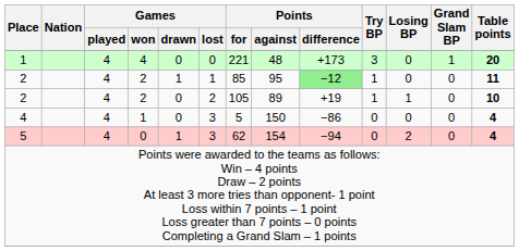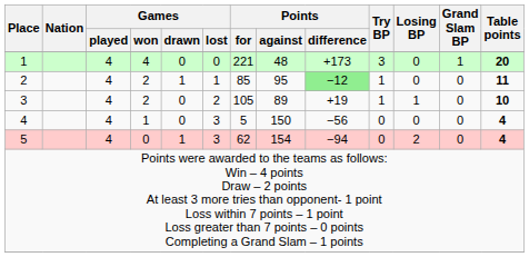 <table class="wikitable">
 <tr>
 <th rowspan=2 width="6%">Place</th>
 <th rowspan=2 width="23%">Nation</th>
 <th colspan=4 width="40%">Games</th>
 <th colspan=3 width="24%">Points</th>
 <th rowspan=2 width="8%">Try<br>BP</th>
 <th rowspan=2 width="8%">Losing<br>BP</th>
 <th rowspan=2 width="8%">Grand Slam<br>BP</th>
 <th rowspan=2 width="10%">Table<br>points</th>
 </tr>
 <tr>
 <th width="8%">played</th>
 <th width="8%">won</th>
 <th width="8%">drawn</th>
 <th width="8%">lost</th>
 <th width="8%">for</th>
 <th width="8%">against</th>
 <th width="8%">difference</th>
 </tr>
 <tr>
 </tr>
 <tr align="center" bgcolor="#ccffcc">
 <td>1</td>
 <td align=left></td>
 <td>4</td>
 <td>4</td>
 <td>0</td>
 <td>0</td>
 <td>221</td>
 <td>48</td>
 <td>+173</td>
 <td>3</td>
 <td>0</td>
 <td>1</td>
 <td><strong>20</strong></td>
 </tr>
 <tr align=center>
 <td>2</td>
 <td align=left></td>
 <td>4</td>
 <td>2</td>
 <td>1</td>
 <td>1</td>
 <td>85</td>
 <td>95</td>
 <td style="background: lightgreen;">−12</td>
 <td>1</td>
 <td>0</td>
 <td>0</td>
 <td><strong>11</strong></td>
 </tr>
 <tr align=center>
-<td>2</td>
+<td>3</td>
 <td align=left></td>
 <td>4</td>
 <td>2</td>
 <td>0</td>
 <td>2</td>
 <td>105</td>
 <td>89</td>
 <td>+19</td>
 <td>1</td>
 <td>1</td>
 <td>0</td>
 <td><strong>10</strong></td>
 </tr>
 <tr align=center>
 <td>4</td>
 <td align=left></td>
 <td>4</td>
 <td>1</td>
 <td>0</td>
 <td>3</td>
 <td>5</td>
 <td>150</td>
-<td>−86</td>
+<td>−56</td>
 <td>0</td>
 <td>0</td>
 <td>0</td>
 <td><strong>4</strong></td>
 </tr>
 <tr align=center bgcolor="#ffcccc">
 <td>5</td>
 <td align=left></td>
 <td>4</td>
 <td>0</td>
 <td>1</td>
 <td>3</td>
 <td>62</td>
 <td>154</td>
 <td>−94</td>
 <td>0</td>
 <td>2</td>
 <td>0</td>
 <td><strong>4</strong></td>
 </tr>
 <tr>
 <td style="text-align:center;" colspan="100">Points were awarded to the teams as follows:<br>Win – 4 points<br>Draw – 2 points<br> At least 3 more tries than opponent- 1 point<br> Loss within 7 points – 1 point<br>Loss greater than 7 points – 0 points<br>Completing a Grand Slam – 1 points</td>
 </tr>
 <tr>
 </tr>
 </table>
